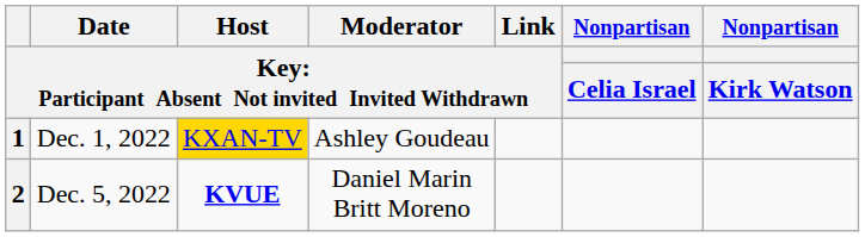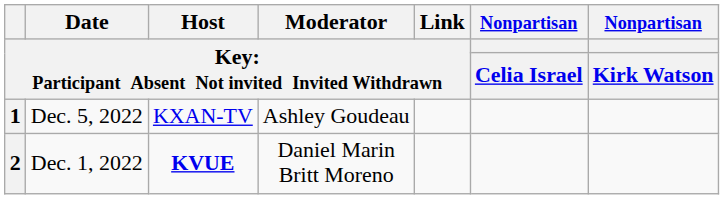 <table class="wikitable" style="text-align:center;">
 <tr>
 <th scope="col"></th>
 <th scope="col">Date</th>
 <th scope="col">Host</th>
 <th scope="col">Moderator</th>
 <th scope="col">Link</th>
 <th scope="col"><small><a href='#'>Nonpartisan</a></small></th>
 <th scope="col"><small><a href='#'>Nonpartisan</a></small></th>
 </tr>
 <tr>
 <th colspan="5" rowspan="2">Key:<br> <small>Participant </small>  <small>Absent </small>  <small>Not invited </small>  <small>Invited  Withdrawn</small></th>
 <th scope="col" style="background:"></th>
 <th scope="col" style="background:"></th>
 </tr>
 <tr>
 <th scope="col"><a href='#'>Celia Israel</a></th>
 <th scope="col"><a href='#'>Kirk Watson</a></th>
 </tr>
 <tr>
 <th>1</th>
-<td style="white-space:nowrap;">Dec. 1, 2022</td>
-<td style="background: gold; white-space:nowrap;"><a href='#'>KXAN-TV</a></td>
+<td style="white-space:nowrap;">Dec. 5, 2022</td>
+<td style="white-space:nowrap;"><a href='#'>KXAN-TV</a></td>
 <td style="white-space:nowrap;">Ashley Goudeau</td>
 <td style="white-space:nowrap;"></td>
 <td></td>
 <td></td>
 </tr>
 <tr>
 <th>2</th>
-<td style="white-space:nowrap;">Dec. 5, 2022</td>
+<td style="white-space:nowrap;">Dec. 1, 2022</td>
 <td style="white-space:nowrap;"><strong><a href='#'>KVUE</a></strong></td>
 <td style="white-space:nowrap;">Daniel Marin<br>Britt Moreno</td>
 <td style="white-space:nowrap;"></td>
 <td></td>
 <td></td>
 </tr>
 </table>
